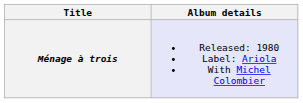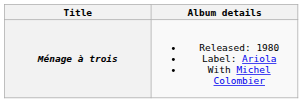 <table class="wikitable plainrowheaders" style="text-align:center;">
 <tr>
 <th scope="col" style="width:15em;">Title</th>
 <th scope="col" style="width:15em;">Album details</th>
 </tr>
 <tr>
 <th scope="row"><em>Ménage à trois</em></th>
-<td style="background: lavender;"><br><ul><li>Released: 1980</li><li>Label: <a href='#'>Ariola</a></li><li>With <a href='#'>Michel Colombier</a></li></ul></td>
+<td><br><ul><li>Released: 1980</li><li>Label: <a href='#'>Ariola</a></li><li>With <a href='#'>Michel Colombier</a></li></ul></td>
 </tr>
 </table>
